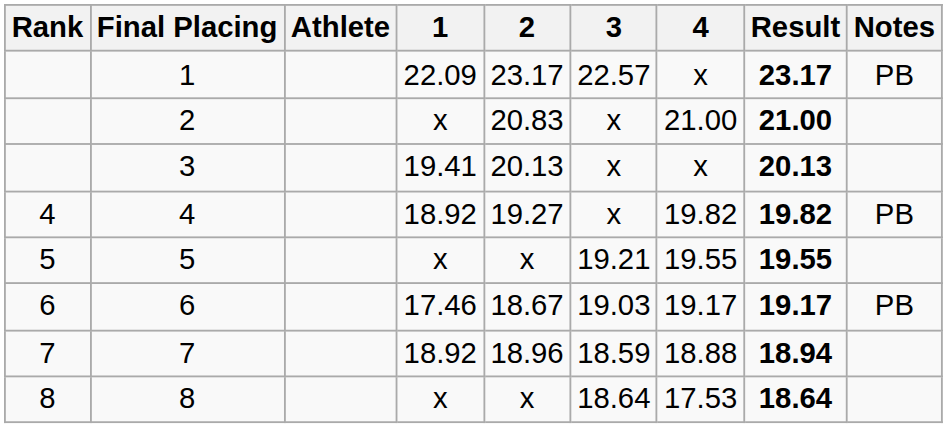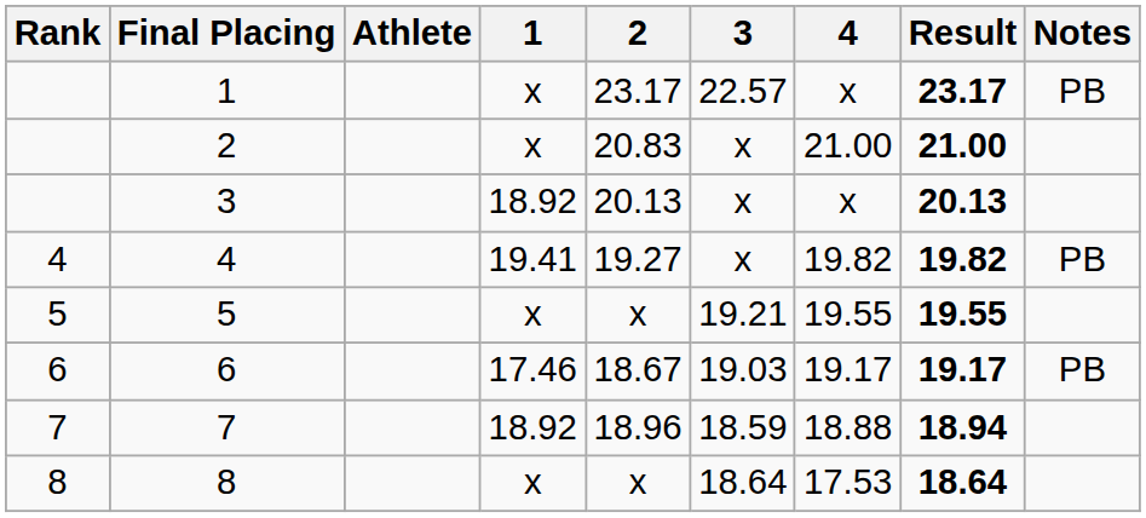 <table class="wikitable sortable" style="text-align:center">
 <tr>
 <th>Rank</th>
 <th>Final Placing</th>
 <th>Athlete</th>
 <th>1</th>
 <th>2</th>
 <th>3</th>
 <th>4</th>
 <th>Result</th>
 <th>Notes</th>
 </tr>
 <tr>
 <td></td>
 <td>1</td>
 <td align=left></td>
-<td>22.09</td>
+<td>x</td>
 <td>23.17</td>
 <td>22.57</td>
 <td>x</td>
 <td><strong>23.17</strong></td>
 <td>PB</td>
 </tr>
 <tr>
 <td></td>
 <td>2</td>
 <td align=left></td>
 <td>x</td>
 <td>20.83</td>
 <td>x</td>
 <td>21.00</td>
 <td><strong>21.00</strong></td>
 <td></td>
 </tr>
 <tr>
 <td></td>
 <td>3</td>
 <td align=left></td>
-<td>19.41</td>
+<td>18.92</td>
 <td>20.13</td>
 <td>x</td>
 <td>x</td>
 <td><strong>20.13</strong></td>
 <td></td>
 </tr>
 <tr>
 <td>4</td>
 <td>4</td>
 <td align=left></td>
-<td>18.92</td>
+<td>19.41</td>
 <td>19.27</td>
 <td>x</td>
 <td>19.82</td>
 <td><strong>19.82</strong></td>
 <td>PB</td>
 </tr>
 <tr>
 <td>5</td>
 <td>5</td>
 <td align=left></td>
 <td>x</td>
 <td>x</td>
 <td>19.21</td>
 <td>19.55</td>
 <td><strong>19.55</strong></td>
 <td></td>
 </tr>
 <tr>
 <td>6</td>
 <td>6</td>
 <td align=left></td>
 <td>17.46</td>
 <td>18.67</td>
 <td>19.03</td>
 <td>19.17</td>
 <td><strong>19.17</strong></td>
 <td>PB</td>
 </tr>
 <tr>
 <td>7</td>
 <td>7</td>
 <td align=left></td>
 <td>18.92</td>
 <td>18.96</td>
 <td>18.59</td>
 <td>18.88</td>
 <td><strong>18.94</strong></td>
 <td></td>
 </tr>
 <tr>
 <td>8</td>
 <td>8</td>
 <td align=left></td>
 <td>x</td>
 <td>x</td>
 <td>18.64</td>
 <td>17.53</td>
 <td><strong>18.64</strong></td>
 <td></td>
 </tr>
 </table>
